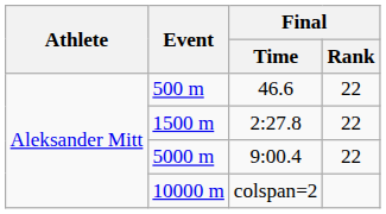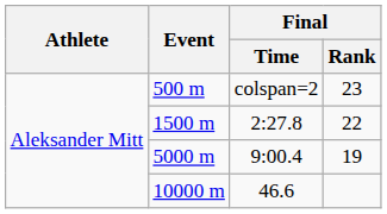 <table class="wikitable" style="font-size:90%">
 <tr>
 <th rowspan="2">Athlete</th>
 <th rowspan="2">Event</th>
 <th colspan="2">Final</th>
 </tr>
 <tr>
 <th>Time</th>
 <th>Rank</th>
 </tr>
 <tr align="center">
 <td align="left" rowspan=4><a href='#'>Aleksander Mitt</a></td>
 <td align="left"><a href='#'>500 m</a></td>
-<td>46.6</td>
-<td>22</td>
+<td>colspan=2 </td>
+<td>23</td>
 </tr>
 <tr align="center">
 <td align="left"><a href='#'>1500 m</a></td>
 <td>2:27.8</td>
 <td>22</td>
 </tr>
 <tr align="center">
 <td align="left"><a href='#'>5000 m</a></td>
 <td>9:00.4</td>
-<td>22</td>
+<td>19</td>
 </tr>
 <tr align="center">
 <td align="left"><a href='#'>10000 m</a></td>
-<td>colspan=2 </td>
+<td>46.6</td>
 </tr>
 </table>
